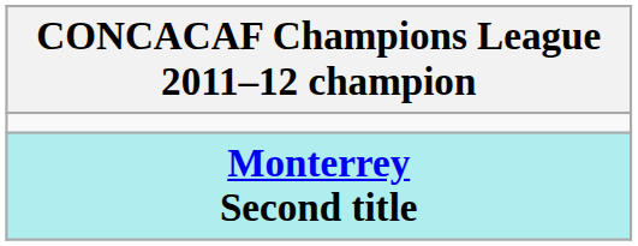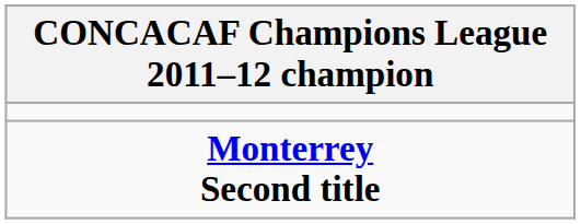 <table class="wikitable" style="text-align: center; margin: 0 auto; width: 20%">
 <tr>
 <th>CONCACAF Champions League<br>2011–12 champion</th>
 </tr>
 <tr>
 <td></td>
 </tr>
 <tr>
-<td style="background: paleturquoise;"><strong><a href='#'>Monterrey</a></strong><br><strong>Second title</strong></td>
+<td><strong><a href='#'>Monterrey</a></strong><br><strong>Second title</strong></td>
 </tr>
 </table>
